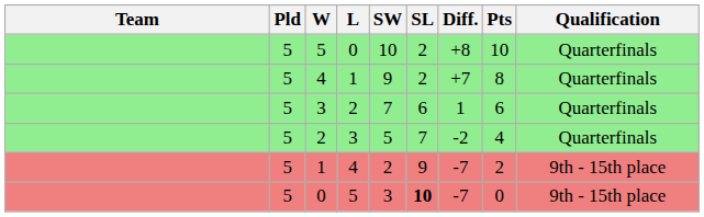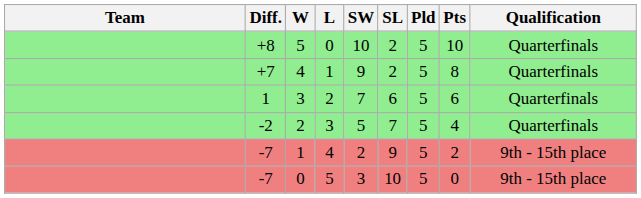 <table class=wikitable style="text-align:center">
 <tr>
 <th width=220>Team</th>
-<th width=20>Pld</th>
+<th width=20>Diff.</th>
 <th width=20>W</th>
 <th width=20>L</th>
 <th width=20>SW</th>
 <th width=20>SL</th>
-<th width=20>Diff.</th>
+<th width=20>Pld</th>
 <th width=20>Pts</th>
 <th width=150>Qualification</th>
 </tr>
 <tr bgcolor=90EE90>
 <td align=left></td>
-<td>5</td>
+<td>+8</td>
 <td>5</td>
 <td>0</td>
 <td>10</td>
 <td>2</td>
-<td>+8</td>
+<td>5</td>
 <td>10</td>
 <td>Quarterfinals</td>
 </tr>
 <tr bgcolor=90EE90>
 <td align=left></td>
-<td>5</td>
+<td>+7</td>
 <td>4</td>
 <td>1</td>
 <td>9</td>
 <td>2</td>
-<td>+7</td>
+<td>5</td>
 <td>8</td>
 <td>Quarterfinals</td>
 </tr>
 <tr bgcolor=90EE90>
 <td align=left></td>
-<td>5</td>
+<td>1</td>
 <td>3</td>
 <td>2</td>
 <td>7</td>
 <td>6</td>
-<td>1</td>
+<td>5</td>
 <td>6</td>
 <td>Quarterfinals</td>
 </tr>
 <tr bgcolor=90EE90>
 <td align=left></td>
-<td>5</td>
+<td>-2</td>
 <td>2</td>
 <td>3</td>
 <td>5</td>
 <td>7</td>
-<td>-2</td>
+<td>5</td>
 <td>4</td>
 <td>Quarterfinals</td>
 </tr>
 <tr bgcolor=F08080>
 <td align=left></td>
-<td>5</td>
+<td>-7</td>
 <td>1</td>
 <td>4</td>
 <td>2</td>
 <td>9</td>
-<td>-7</td>
+<td>5</td>
 <td>2</td>
 <td>9th - 15th place</td>
 </tr>
 <tr bgcolor=F08080>
 <td align=left></td>
-<td>5</td>
+<td>-7</td>
 <td>0</td>
 <td>5</td>
 <td>3</td>
-<td><strong>10</strong></td>
-<td>-7</td>
+<td>10</td>
+<td>5</td>
 <td>0</td>
 <td>9th - 15th place</td>
 </tr>
 </table>
